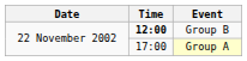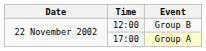 <table class = "wikitable" style="text-align:center;">
 <tr>
 <th width=150>Date</th>
 <th width=50>Time</th>
 <th width=80>Event</th>
 </tr>
 <tr>
 <td rowspan=2>22 November 2002</td>
-<td><strong>12:00</strong></td>
+<td>12:00</td>
 <td>Group B</td>
 </tr>
 <tr>
 <td>17:00</td>
 <td bgcolor=ffffcc>Group A</td>
 </tr>
 </table>
